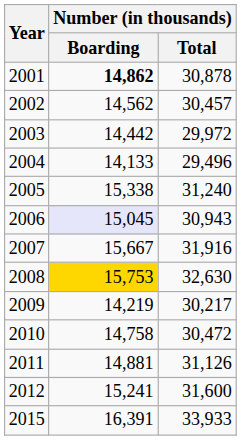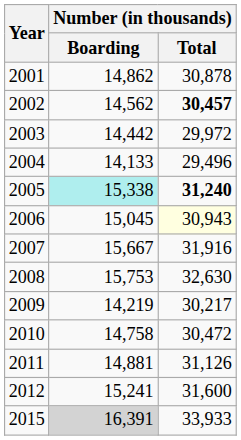 <table class=wikitable>
 <tr>
 <th rowspan=2>Year</th>
 <th colspan=2>Number (in thousands)</th>
 </tr>
 <tr>
 <th>Boarding</th>
 <th>Total</th>
 </tr>
 <tr>
 <td>2001</td>
-<td align=right><strong>14,862</strong></td>
+<td align=right>14,862</td>
 <td align=right>30,878</td>
 </tr>
 <tr>
 <td>2002</td>
 <td align=right>14,562</td>
-<td align=right>30,457</td>
+<td align=right><strong>30,457</strong></td>
 </tr>
 <tr>
 <td>2003</td>
 <td align=right>14,442</td>
 <td align=right>29,972</td>
 </tr>
 <tr>
 <td>2004</td>
 <td align=right>14,133</td>
 <td align=right>29,496</td>
 </tr>
 <tr>
 <td>2005</td>
-<td align=right>15,338</td>
-<td align=right>31,240</td>
+<td align=right style="background: paleturquoise;">15,338</td>
+<td align=right><strong>31,240</strong></td>
 </tr>
 <tr>
 <td>2006</td>
-<td align=right style="background: lavender;">15,045</td>
-<td align=right>30,943</td>
+<td align=right>15,045</td>
+<td align=right style="background: lightyellow;">30,943</td>
 </tr>
 <tr>
 <td>2007</td>
 <td align=right>15,667</td>
 <td align=right>31,916</td>
 </tr>
 <tr>
 <td>2008</td>
-<td align=right style="background: gold;">15,753</td>
+<td align=right>15,753</td>
 <td align=right>32,630</td>
 </tr>
 <tr>
 <td>2009</td>
 <td align=right>14,219</td>
 <td align=right>30,217</td>
 </tr>
 <tr>
 <td>2010</td>
 <td align=right>14,758</td>
 <td align=right>30,472</td>
 </tr>
 <tr>
 <td>2011</td>
 <td align=right>14,881</td>
 <td align=right>31,126</td>
 </tr>
 <tr>
 <td>2012</td>
 <td align=right>15,241</td>
 <td align=right>31,600</td>
 </tr>
 <tr>
 <td>2015</td>
-<td align=right>16,391</td>
+<td align=right style="background: lightgrey;">16,391</td>
 <td align=right>33,933</td>
 </tr>
 </table>
